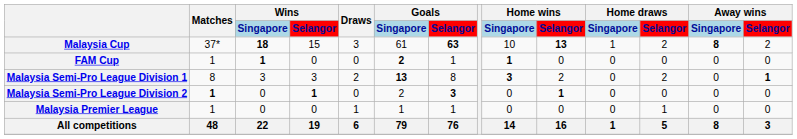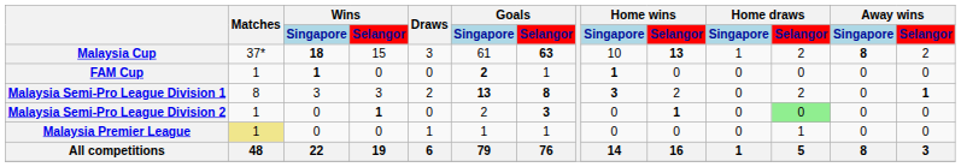 <table class="wikitable" style="text-align:center;">
 <tr>
 <th rowspan="2"></th>
 <th rowspan="2">Matches</th>
 <th colspan="2">Wins</th>
 <th rowspan="2">Draws</th>
 <th colspan="2">Goals</th>
 <th rowspan="10"></th>
 <th colspan="2">Home wins</th>
 <th colspan="2">Home draws</th>
 <th colspan="2">Away wins</th>
 </tr>
 <tr>
 <th style="color:#000c99; background:#ADD8E6;">Singapore</th>
 <th style="color:#000c99; background:#ff0000;">Selangor</th>
 <th style="color:#000c99; background:#ADD8E6;">Singapore</th>
 <th style="color:#000c99; background:#ff0000;">Selangor</th>
 <th style="color:#000c99; background:#ADD8E6;">Singapore</th>
 <th style="color:#000c99; background:#ff0000;">Selangor</th>
 <th style="color:#000c99; background:#ADD8E6;">Singapore</th>
 <th style="color:#000c99; background:#ff0000;">Selangor</th>
 <th style="color:#000c99; background:#ADD8E6;">Singapore</th>
 <th style="color:#000c99; background:#ff0000;">Selangor</th>
 </tr>
 <tr>
 <th><a href='#'>Malaysia Cup</a></th>
 <td>37*</td>
 <td><strong>18</strong></td>
 <td>15</td>
 <td>3</td>
 <td>61</td>
 <td><strong>63</strong></td>
 <td>10</td>
 <td><strong>13</strong></td>
 <td>1</td>
 <td>2</td>
 <td><strong>8</strong></td>
 <td>2</td>
 </tr>
 <tr>
 <th><a href='#'>FAM Cup</a></th>
 <td>1</td>
 <td><strong>1</strong></td>
 <td>0</td>
 <td>0</td>
 <td><strong>2</strong></td>
 <td>1</td>
 <td><strong>1</strong></td>
 <td>0</td>
 <td>0</td>
 <td>0</td>
 <td>0</td>
 <td>0</td>
 </tr>
 <tr>
 <th><a href='#'>Malaysia Semi-Pro League Division 1</a></th>
 <td>8</td>
 <td>3</td>
 <td>3</td>
 <td>2</td>
 <td><strong>13</strong></td>
-<td>8</td>
+<td><strong>8</strong></td>
 <td><strong>3</strong></td>
 <td>2</td>
 <td>0</td>
 <td>2</td>
 <td>0</td>
 <td><strong>1</strong></td>
 </tr>
 <tr>
 <th><a href='#'>Malaysia Semi-Pro League Division 2</a></th>
-<td><strong>1</strong></td>
+<td>1</td>
 <td>0</td>
 <td><strong>1</strong></td>
 <td>0</td>
 <td>2</td>
 <td><strong>3</strong></td>
 <td>0</td>
 <td><strong>1</strong></td>
 <td>0</td>
-<td>0</td>
+<td style="background: lightgreen;">0</td>
 <td>0</td>
 <td>0</td>
 </tr>
 <tr>
 <th><a href='#'>Malaysia Premier League</a></th>
-<td>1</td>
+<td style="background: khaki;">1</td>
 <td>0</td>
 <td>0</td>
 <td>1</td>
 <td>1</td>
 <td>1</td>
 <td>0</td>
 <td>0</td>
 <td>0</td>
 <td>1</td>
 <td>0</td>
 <td>0</td>
 </tr>
 <tr>
 <th>All competitions</th>
 <th>48</th>
 <th>22</th>
 <th>19</th>
 <th>6</th>
 <th>79</th>
 <th>76</th>
 <th>14</th>
 <th>16</th>
 <th>1</th>
 <th>5</th>
 <th>8</th>
 <th>3</th>
 </tr>
 <tr>
 </tr>
 </table>
